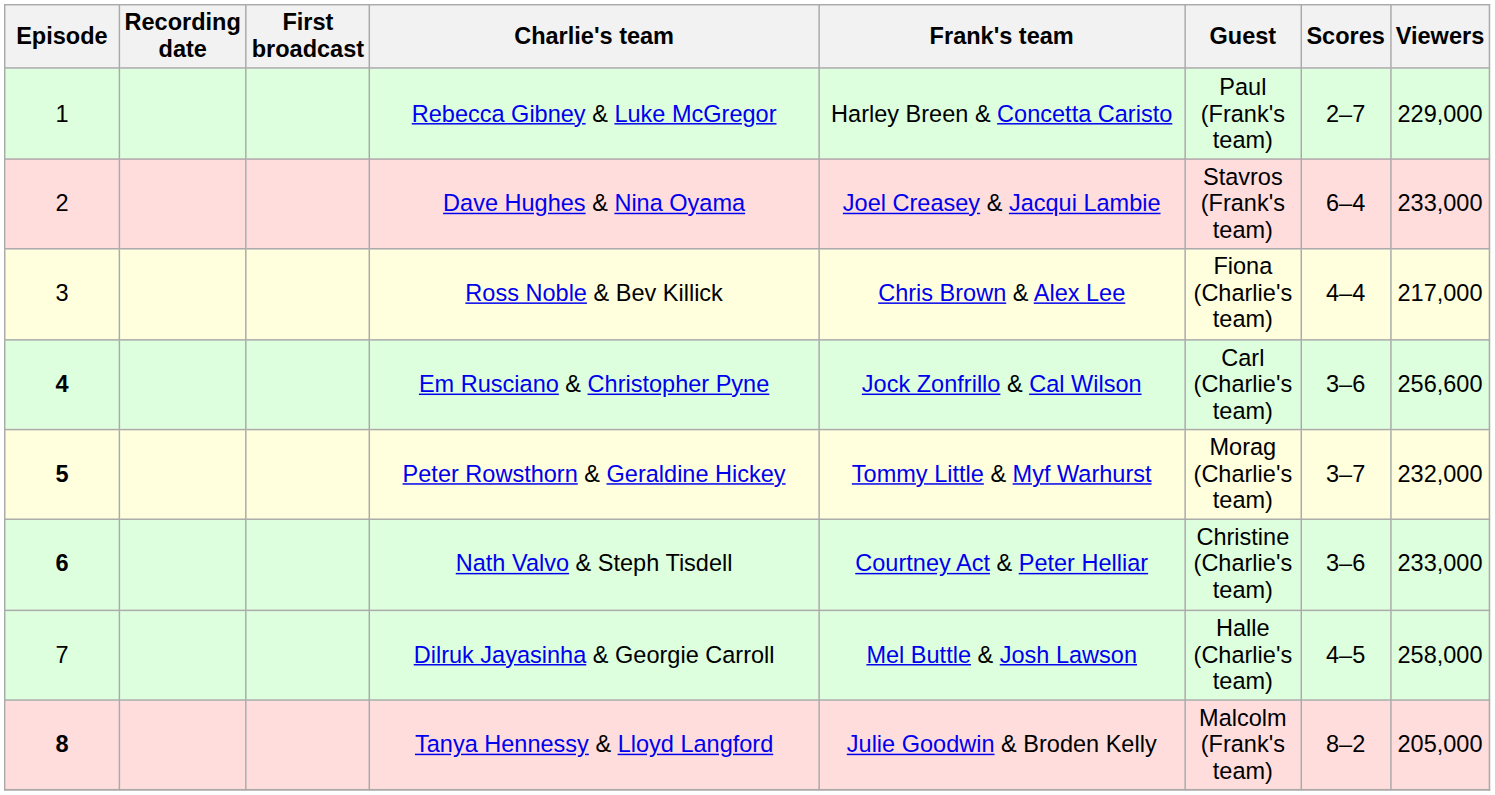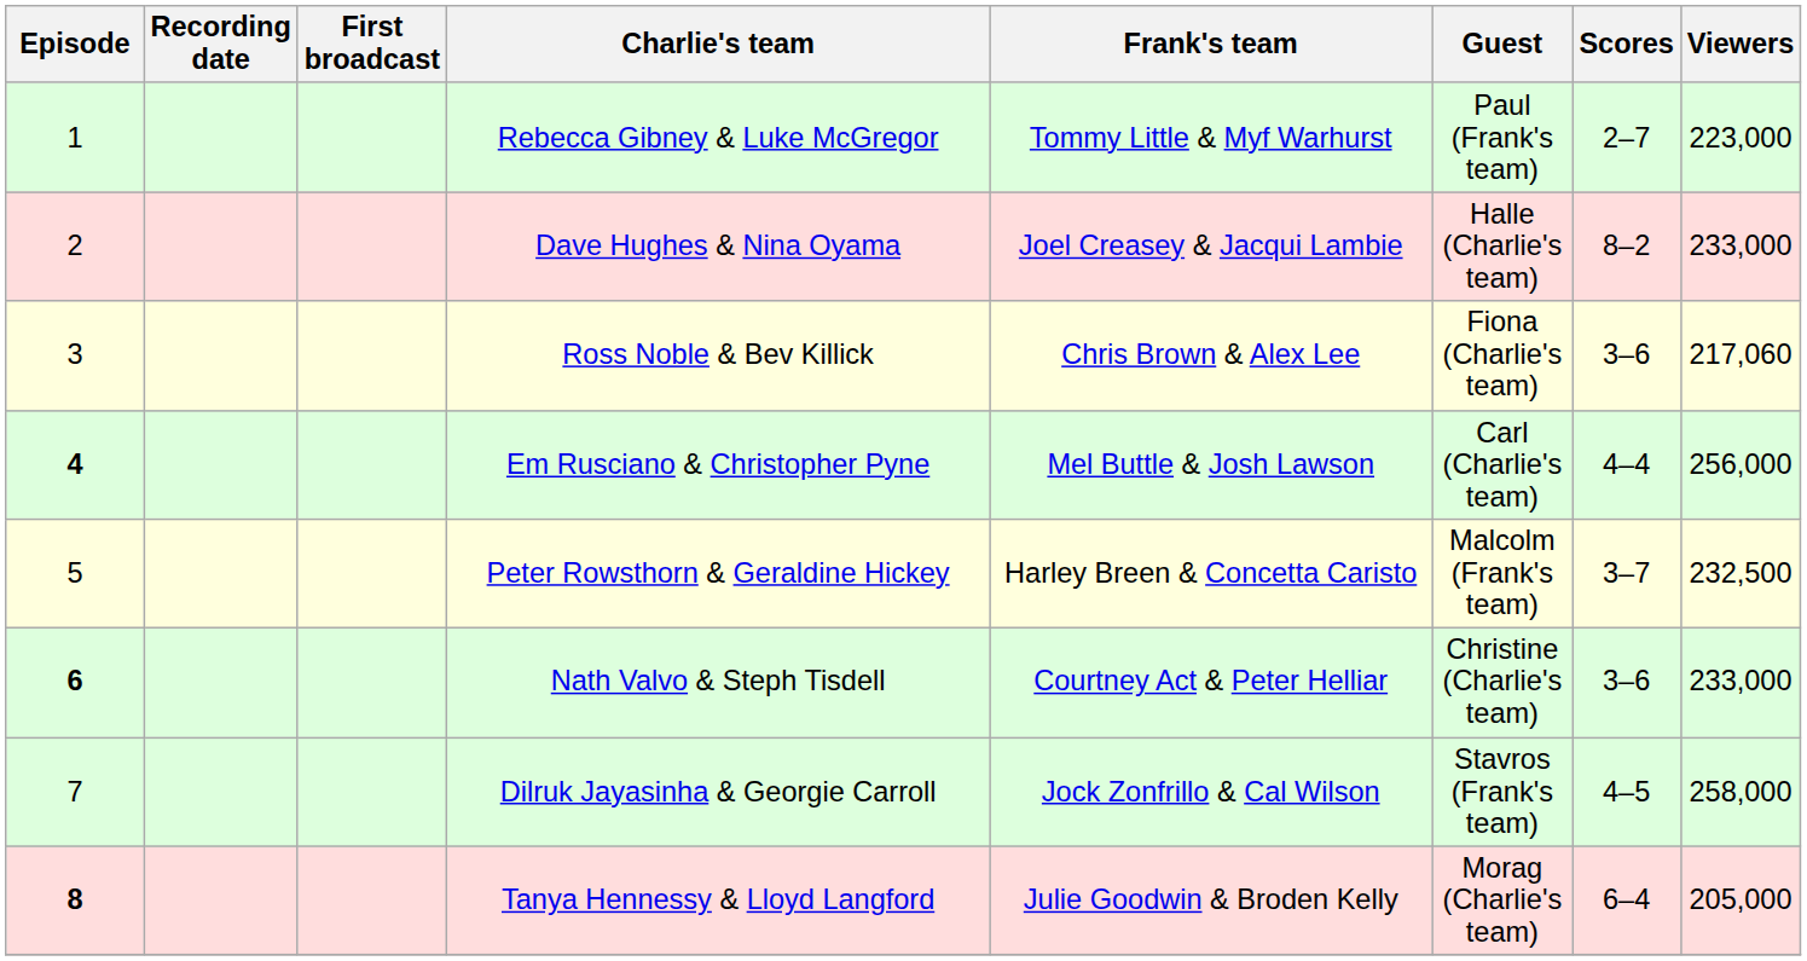 <table class="wikitable" style="width:80%; left:0 auto; text-align:center;">
 <tr>
 <th style="width:8%;">Episode</th>
 <th style="width:7%;">Recording date</th>
 <th style="width:8%;">First broadcast</th>
 <th style="width:38%;">Charlie's team</th>
 <th style="width:31%;">Frank's team</th>
 <th style="width:8%;">Guest</th>
 <th style="width:6%;">Scores</th>
 <th style="width:8%;">Viewers</th>
 </tr>
 <tr style="background:#dfd;">
 <td>1</td>
 <td></td>
 <td></td>
 <td><a href='#'>Rebecca Gibney</a> & <a href='#'>Luke McGregor</a></td>
-<td>Harley Breen & <a href='#'>Concetta Caristo</a></td>
+<td><a href='#'>Tommy Little</a> & <a href='#'>Myf Warhurst</a></td>
 <td>Paul (Frank's team)</td>
 <td>2–7</td>
-<td>229,000</td>
+<td>223,000</td>
 </tr>
 <tr style="background:#fdd;">
 <td>2</td>
 <td></td>
 <td></td>
 <td><a href='#'>Dave Hughes</a> & <a href='#'>Nina Oyama</a></td>
 <td><a href='#'>Joel Creasey</a> & <a href='#'>Jacqui Lambie</a></td>
-<td>Stavros (Frank's team)</td>
-<td>6–4</td>
+<td>Halle (Charlie's team)</td>
+<td>8–2</td>
 <td>233,000</td>
 </tr>
 <tr style="background:#ffd;">
 <td>3</td>
 <td></td>
 <td></td>
 <td><a href='#'>Ross Noble</a> & Bev Killick</td>
 <td><a href='#'>Chris Brown</a> & <a href='#'>Alex Lee</a></td>
 <td>Fiona (Charlie's team)</td>
-<td>4–4</td>
-<td>217,000</td>
+<td>3–6</td>
+<td>217,060</td>
 </tr>
 <tr style="background:#dfd;">
 <td><strong>4</strong></td>
 <td></td>
 <td></td>
 <td><a href='#'>Em Rusciano</a> & <a href='#'>Christopher Pyne</a></td>
-<td><a href='#'>Jock Zonfrillo</a> & <a href='#'>Cal Wilson</a></td>
+<td><a href='#'>Mel Buttle</a> & <a href='#'>Josh Lawson</a></td>
 <td>Carl (Charlie's team)</td>
-<td>3–6</td>
-<td>256,600</td>
+<td>4–4</td>
+<td>256,000</td>
 </tr>
 <tr style="background:#ffd;">
-<td><strong>5</strong></td>
+<td>5</td>
 <td></td>
 <td></td>
 <td><a href='#'>Peter Rowsthorn</a> & <a href='#'>Geraldine Hickey</a></td>
-<td><a href='#'>Tommy Little</a> & <a href='#'>Myf Warhurst</a></td>
-<td>Morag (Charlie's team)</td>
+<td>Harley Breen & <a href='#'>Concetta Caristo</a></td>
+<td>Malcolm (Frank's team)</td>
 <td>3–7</td>
-<td>232,000</td>
+<td>232,500</td>
 </tr>
 <tr style="background:#dfd;">
 <td><strong>6</strong></td>
 <td></td>
 <td></td>
 <td><a href='#'>Nath Valvo</a> & Steph Tisdell</td>
 <td><a href='#'>Courtney Act</a> & <a href='#'>Peter Helliar</a></td>
 <td>Christine (Charlie's team)</td>
 <td>3–6</td>
 <td>233,000</td>
 </tr>
 <tr style="background:#dfd;">
 <td>7</td>
 <td></td>
 <td></td>
 <td><a href='#'>Dilruk Jayasinha</a> & Georgie Carroll</td>
-<td><a href='#'>Mel Buttle</a> & <a href='#'>Josh Lawson</a></td>
-<td>Halle (Charlie's team)</td>
+<td><a href='#'>Jock Zonfrillo</a> & <a href='#'>Cal Wilson</a></td>
+<td>Stavros (Frank's team)</td>
 <td>4–5</td>
 <td>258,000</td>
 </tr>
 <tr style="background:#fdd;">
 <td><strong>8</strong></td>
 <td></td>
 <td></td>
 <td><a href='#'>Tanya Hennessy</a> & <a href='#'>Lloyd Langford</a></td>
 <td><a href='#'>Julie Goodwin</a> & Broden Kelly</td>
-<td>Malcolm (Frank's team)</td>
-<td>8–2</td>
+<td>Morag (Charlie's team)</td>
+<td>6–4</td>
 <td>205,000</td>
 </tr>
 <tr>
 </tr>
 </table>
